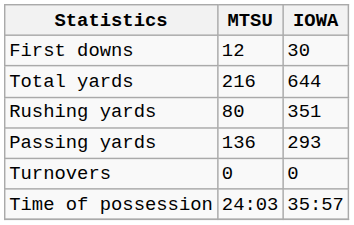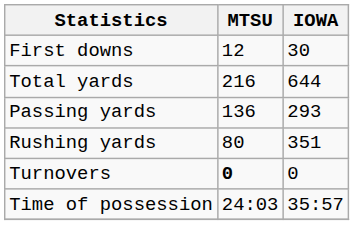 <table class="wikitable">
 <tr>
 <th>Statistics</th>
 <th>MTSU</th>
 <th>IOWA</th>
 </tr>
 <tr>
 <td>First downs</td>
 <td>12</td>
 <td>30</td>
 </tr>
 <tr>
 <td>Total yards</td>
 <td>216</td>
 <td>644</td>
 </tr>
 <tr>
+<td>Passing yards</td>
+<td>136</td>
+<td>293</td>
+</tr>
+<tr>
 <td>Rushing yards</td>
 <td>80</td>
 <td>351</td>
 </tr>
 <tr>
-<td>Passing yards</td>
-<td>136</td>
-<td>293</td>
-</tr>
-<tr>
 <td>Turnovers</td>
-<td>0</td>
+<td><strong>0</strong></td>
 <td>0</td>
 </tr>
 <tr>
 <td>Time of possession</td>
 <td>24:03</td>
 <td>35:57</td>
 </tr>
 <tr>
 </tr>
 </table>
